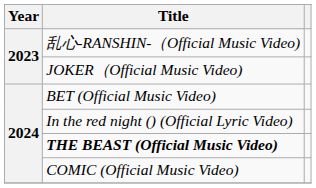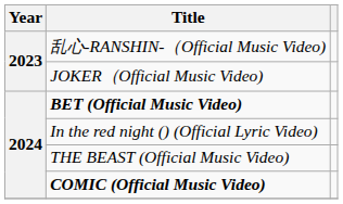 <table class="wikitable">
 <tr>
 <th>Year</th>
 <th>Title</th>
 <th></th>
 </tr>
 <tr>
 <th rowspan="2">2023</th>
 <td><em>乱心-RANSHIN-（Official Music Video)</em></td>
 <td></td>
 </tr>
 <tr>
 <td><em>JOKER（Official Music Video)</em></td>
 <td></td>
 </tr>
 <tr>
 <th rowspan="4">2024</th>
-<td><em>BET (Official Music Video)</em></td>
+<td><strong><em>BET (Official Music Video)</em></strong></td>
 <td></td>
 </tr>
 <tr>
 <td><em>In the red night () (Official Lyric Video)</em></td>
 <td></td>
 </tr>
 <tr>
-<td><strong><em>THE BEAST (Official Music Video)</em></strong></td>
+<td><em>THE BEAST (Official Music Video)</em></td>
 <td></td>
 </tr>
 <tr>
-<td><em>COMIC (Official Music Video)</em></td>
+<td><strong><em>COMIC (Official Music Video)</em></strong></td>
 <td></td>
 </tr>
 <tr>
 </tr>
 </table>
